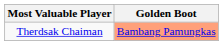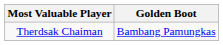 <table class="wikitable" style="text-align:center; margin:auto;">
 <tr>
 <th>Most Valuable Player</th>
 <th>Golden Boot</th>
 </tr>
 <tr>
 <td> <a href='#'>Therdsak Chaiman</a></td>
-<td style="background: lightsalmon;"> <a href='#'>Bambang Pamungkas</a></td>
+<td> <a href='#'>Bambang Pamungkas</a></td>
 </tr>
 </table>
